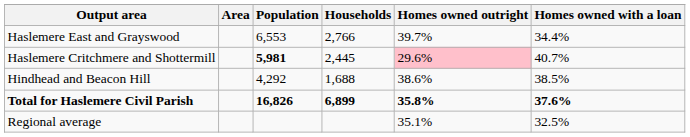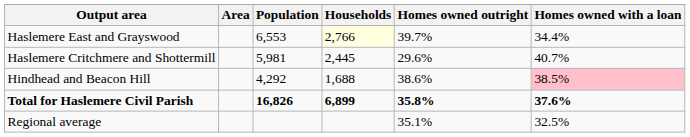 <table class="wikitable">
 <tr>
 </tr>
 <tr>
 <th>Output area</th>
 <th>Area</th>
 <th>Population</th>
 <th>Households</th>
 <th>Homes owned outright</th>
 <th>Homes owned with a loan</th>
 </tr>
 <tr>
 <td>Haslemere East and Grayswood</td>
 <td></td>
 <td>6,553</td>
-<td>2,766</td>
+<td style="background: lightyellow;">2,766</td>
 <td>39.7%</td>
 <td>34.4%</td>
 </tr>
 <tr>
 <td>Haslemere Critchmere and Shottermill</td>
 <td></td>
-<td><strong>5,981</strong></td>
+<td>5,981</td>
 <td>2,445</td>
-<td style="background: pink;">29.6%</td>
+<td>29.6%</td>
 <td>40.7%</td>
 </tr>
 <tr>
 <td>Hindhead and Beacon Hill</td>
 <td></td>
 <td>4,292</td>
 <td>1,688</td>
 <td>38.6%</td>
-<td>38.5%</td>
+<td style="background: pink;">38.5%</td>
 </tr>
 <tr>
 <td><strong>Total for Haslemere Civil Parish</strong></td>
 <td><strong></strong></td>
 <td><strong>16,826</strong></td>
 <td><strong>6,899</strong></td>
 <td><strong>35.8%</strong></td>
 <td><strong>37.6%</strong></td>
 </tr>
 <tr>
 <td>Regional average</td>
 <td></td>
 <td></td>
 <td></td>
 <td>35.1%</td>
 <td>32.5%</td>
 </tr>
 </table>
